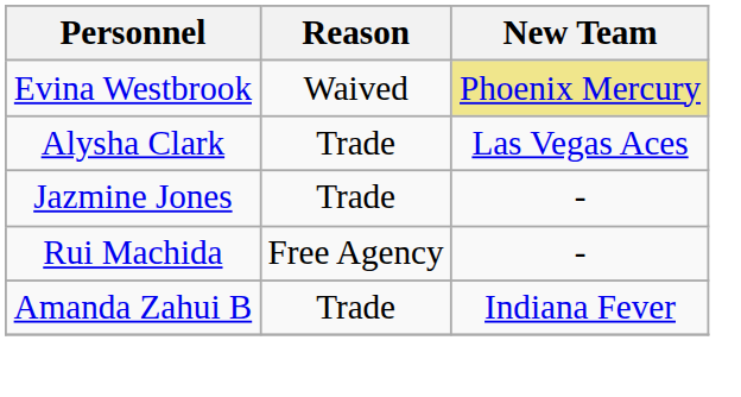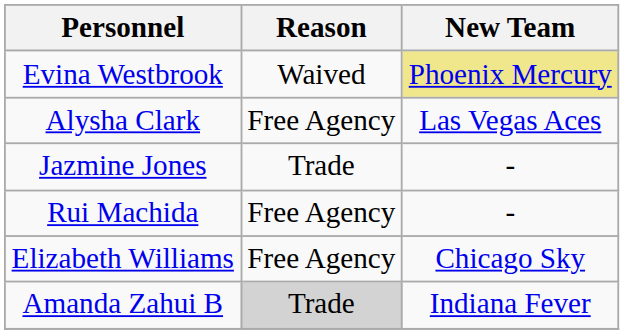 <table class="wikitable" style="text-align: center">
 <tr align="center"  bgcolor="#dddddd">
 <th><strong>Personnel</strong></th>
 <th><strong>Reason</strong></th>
 <th><strong>New Team</strong></th>
 </tr>
 <tr>
 <td><a href='#'>Evina Westbrook</a></td>
 <td>Waived</td>
 <td style="background: khaki;"><a href='#'>Phoenix Mercury</a></td>
 </tr>
 <tr>
 <td><a href='#'>Alysha Clark</a></td>
-<td>Trade</td>
+<td>Free Agency</td>
 <td><a href='#'>Las Vegas Aces</a></td>
 </tr>
 <tr>
 <td><a href='#'>Jazmine Jones</a></td>
 <td>Trade</td>
 <td>-</td>
 </tr>
 <tr>
 <td><a href='#'>Rui Machida</a></td>
 <td>Free Agency</td>
 <td>-</td>
 </tr>
 <tr>
+<td><a href='#'>Elizabeth Williams</a></td>
+<td>Free Agency</td>
+<td><a href='#'>Chicago Sky</a></td>
+</tr>
+<tr>
 <td><a href='#'>Amanda Zahui B</a></td>
-<td>Trade</td>
+<td style="background: lightgrey;">Trade</td>
 <td><a href='#'>Indiana Fever</a></td>
 </tr>
 <tr>
 </tr>
 </table>
